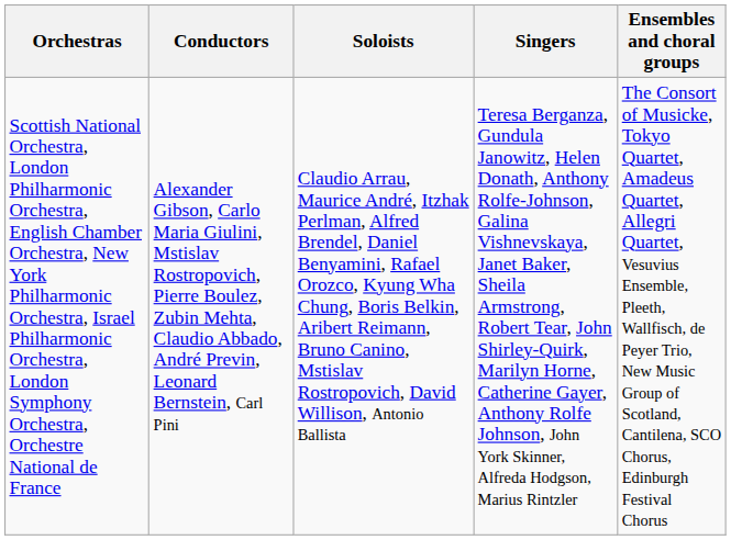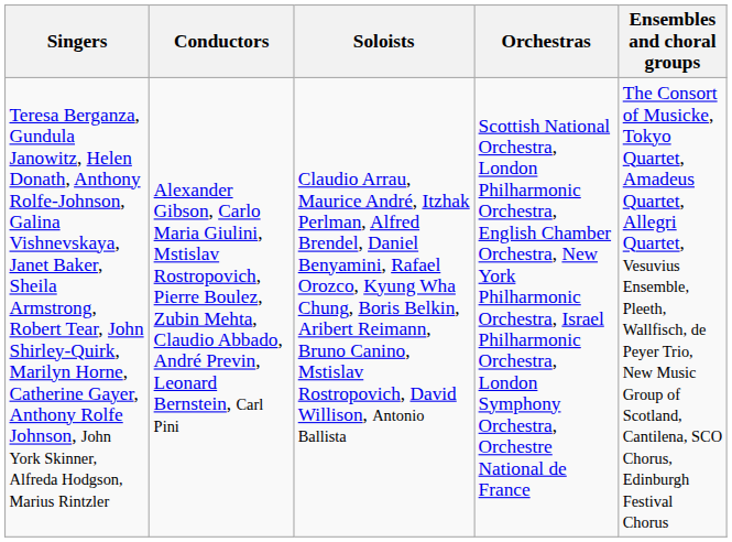 <table class="wikitable toptextcells">
 <tr class="hintergrundfarbe5">
-<th style="width:20%;">Orchestras</th>
+<th style="width:20%;">Singers</th>
 <th style="width:20%;">Conductors</th>
 <th style="width:25%;">Soloists</th>
-<th style="width:20%;">Singers</th>
+<th style="width:20%;">Orchestras</th>
 <th style="width:15%;">Ensembles and choral groups</th>
 </tr>
 <tr>
-<td><a href='#'>Scottish National Orchestra</a>, <a href='#'>London Philharmonic Orchestra</a>, <a href='#'>English Chamber Orchestra</a>, <a href='#'>New York Philharmonic Orchestra</a>, <a href='#'>Israel Philharmonic Orchestra</a>, <a href='#'>London Symphony Orchestra</a>, <a href='#'>Orchestre National de France</a></td>
+<td><a href='#'>Teresa Berganza</a>, <a href='#'>Gundula Janowitz</a>, <a href='#'>Helen Donath</a>, <a href='#'>Anthony Rolfe-Johnson</a>,  <a href='#'>Galina Vishnevskaya</a>, <a href='#'>Janet Baker</a>, <a href='#'>Sheila Armstrong</a>, <a href='#'>Robert Tear</a>, <a href='#'>John Shirley-Quirk</a>, <a href='#'>Marilyn Horne</a>, <a href='#'>Catherine Gayer</a>, <a href='#'>Anthony Rolfe Johnson</a>, <small>John York Skinner, Alfreda Hodgson, Marius Rintzler</small></td>
 <td><a href='#'>Alexander Gibson</a>, <a href='#'>Carlo Maria Giulini</a>, <a href='#'>Mstislav Rostropovich</a>, <a href='#'>Pierre Boulez</a>, <a href='#'>Zubin Mehta</a>, <a href='#'>Claudio Abbado</a>, <a href='#'>André Previn</a>, <a href='#'>Leonard Bernstein</a>, <small>Carl Pini</small></td>
 <td><a href='#'>Claudio Arrau</a>, <a href='#'>Maurice André</a>, <a href='#'>Itzhak Perlman</a>, <a href='#'>Alfred Brendel</a>, <a href='#'>Daniel Benyamini</a>, <a href='#'>Rafael Orozco</a>, <a href='#'>Kyung Wha Chung</a>, <a href='#'>Boris Belkin</a>, <a href='#'>Aribert Reimann</a>, <a href='#'>Bruno Canino</a>, <a href='#'>Mstislav Rostropovich</a>, <a href='#'>David Willison</a>, <small>Antonio Ballista</small></td>
-<td><a href='#'>Teresa Berganza</a>, <a href='#'>Gundula Janowitz</a>, <a href='#'>Helen Donath</a>, <a href='#'>Anthony Rolfe-Johnson</a>,  <a href='#'>Galina Vishnevskaya</a>, <a href='#'>Janet Baker</a>, <a href='#'>Sheila Armstrong</a>, <a href='#'>Robert Tear</a>, <a href='#'>John Shirley-Quirk</a>, <a href='#'>Marilyn Horne</a>, <a href='#'>Catherine Gayer</a>, <a href='#'>Anthony Rolfe Johnson</a>, <small>John York Skinner, Alfreda Hodgson, Marius Rintzler</small></td>
+<td><a href='#'>Scottish National Orchestra</a>, <a href='#'>London Philharmonic Orchestra</a>, <a href='#'>English Chamber Orchestra</a>, <a href='#'>New York Philharmonic Orchestra</a>, <a href='#'>Israel Philharmonic Orchestra</a>, <a href='#'>London Symphony Orchestra</a>, <a href='#'>Orchestre National de France</a></td>
 <td><a href='#'>The Consort of Musicke</a>, <a href='#'>Tokyo Quartet</a>, <a href='#'>Amadeus Quartet</a>, <a href='#'>Allegri Quartet</a>, <small>Vesuvius Ensemble, Pleeth, Wallfisch, de Peyer Trio,  New Music Group of Scotland, Cantilena, SCO Chorus, Edinburgh Festival Chorus</small></td>
 </tr>
 </table>
